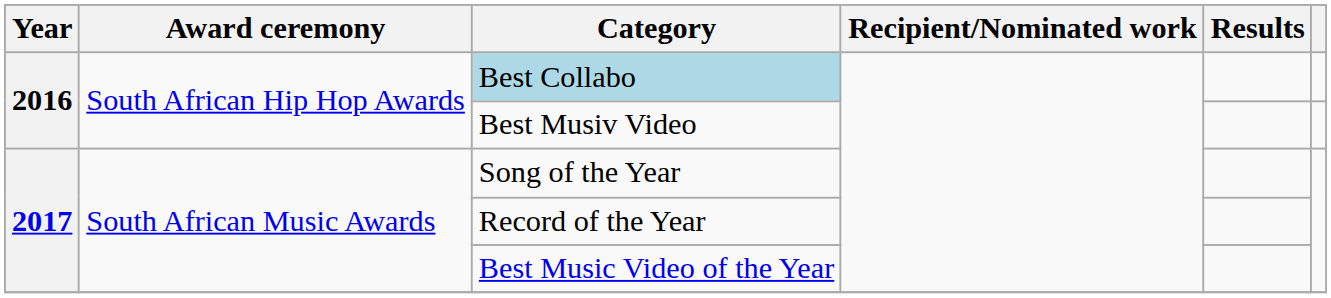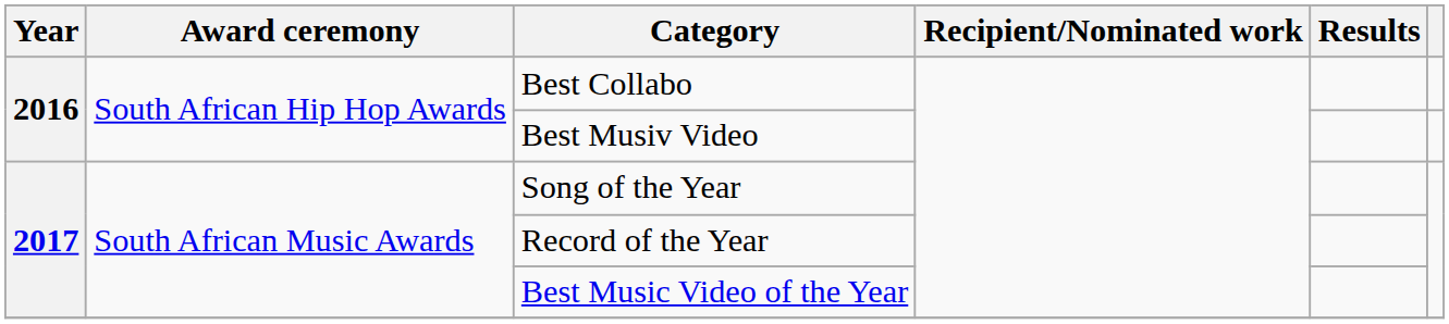 <table class="wikitable plainrowheaders">
 <tr>
 <th>Year</th>
 <th>Award ceremony</th>
 <th>Category</th>
 <th>Recipient/Nominated work</th>
 <th>Results</th>
 <th></th>
 </tr>
 <tr>
 <th scope="row" rowspan="2">2016</th>
 <td rowspan="2"><a href='#'>South African Hip Hop Awards</a></td>
-<td style="background: lightblue;">Best Collabo</td>
+<td>Best Collabo</td>
 <td rowspan="5"></td>
 <td></td>
 <td></td>
 </tr>
 <tr>
 <td>Best Musiv Video</td>
 <td></td>
 <td></td>
 </tr>
 <tr>
 <th scope="row" rowspan="3"><a href='#'>2017</a></th>
 <td rowspan="3"><a href='#'>South African Music Awards</a></td>
 <td>Song of the Year</td>
 <td></td>
 <td rowspan="3"></td>
 </tr>
 <tr>
 <td>Record of the Year</td>
 <td></td>
 </tr>
 <tr>
 <td><a href='#'>Best Music Video of the Year</a></td>
 <td></td>
 </tr>
 <tr>
 </tr>
 </table>
